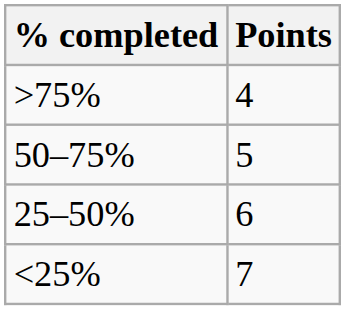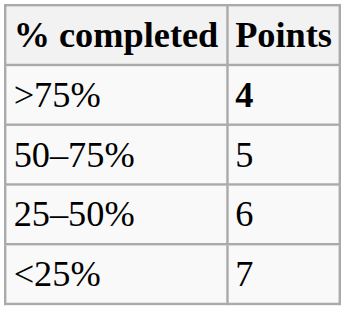 <table class="wikitable" style="font-size:95%">
 <tr>
 <th>% completed</th>
 <th>Points</th>
 </tr>
 <tr>
 <td>>75%</td>
-<td>4</td>
+<td><strong>4</strong></td>
 </tr>
 <tr>
 <td>50–75%</td>
 <td>5</td>
 </tr>
 <tr>
 <td>25–50%</td>
 <td>6</td>
 </tr>
 <tr>
 <td><25%</td>
 <td>7</td>
 </tr>
 </table>
